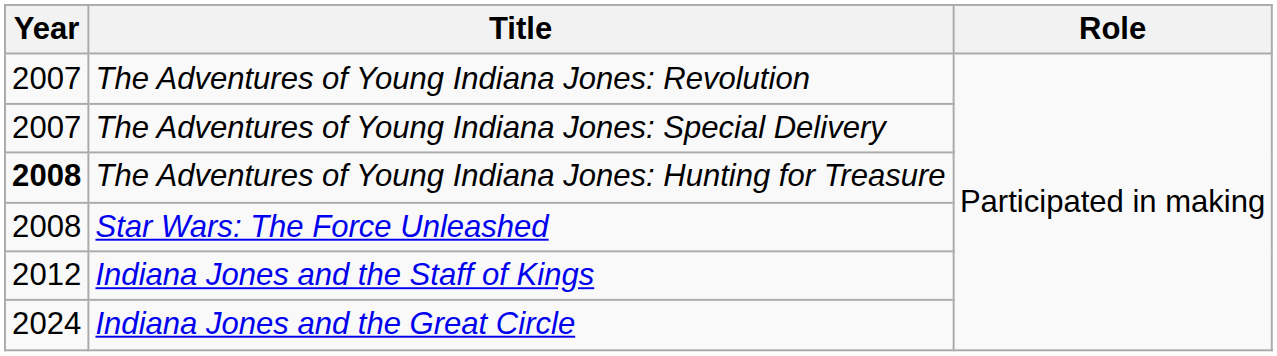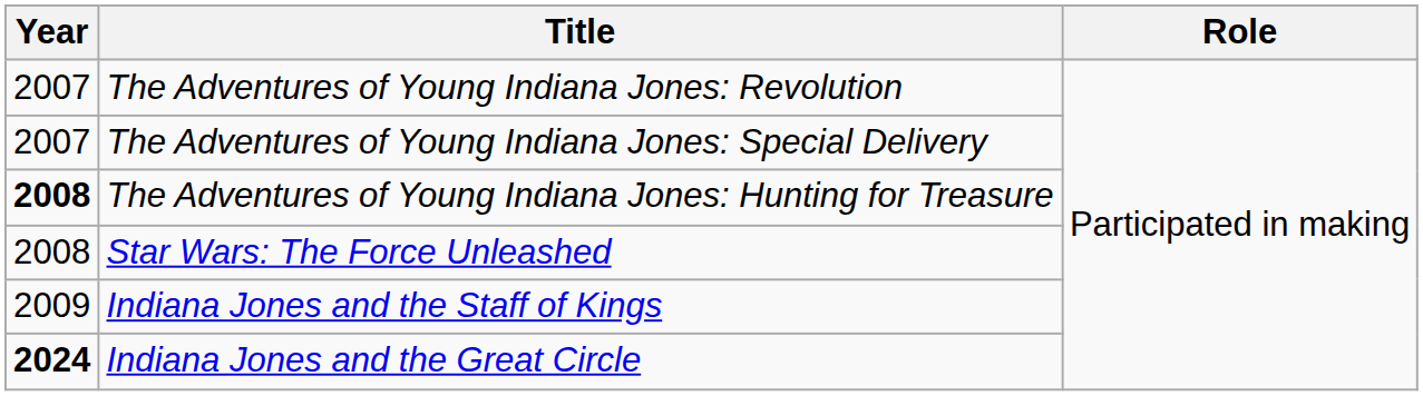 <table class="wikitable sortable">
 <tr>
 <th>Year</th>
 <th>Title</th>
 <th>Role</th>
 </tr>
 <tr>
 <td>2007</td>
 <td><em>The Adventures of Young Indiana Jones: Revolution</em></td>
 <td rowspan="6">Participated in making</td>
 </tr>
 <tr>
 <td>2007</td>
 <td><em>The Adventures of Young Indiana Jones: Special Delivery</em></td>
 </tr>
 <tr>
 <td><strong>2008</strong></td>
 <td><em>The Adventures of Young Indiana Jones: Hunting for Treasure</em></td>
 </tr>
 <tr>
 <td>2008</td>
 <td><em><a href='#'>Star Wars: The Force Unleashed</a></em></td>
 </tr>
 <tr>
-<td>2012</td>
+<td>2009</td>
 <td><em><a href='#'>Indiana Jones and the Staff of Kings</a></em></td>
 </tr>
 <tr>
-<td>2024</td>
+<td><strong>2024</strong></td>
 <td><em><a href='#'>Indiana Jones and the Great Circle</a></em></td>
 </tr>
 </table>
